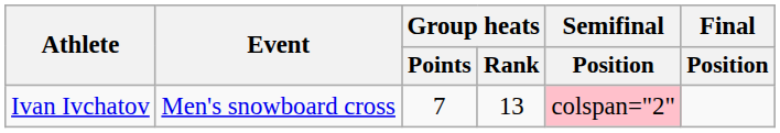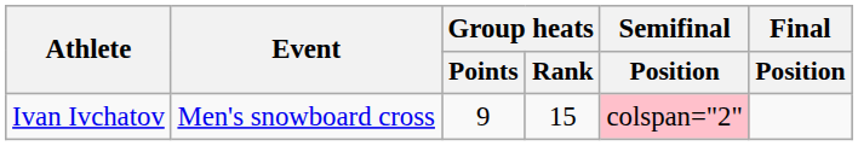 <table class="wikitable" style="font-size:90%">
 <tr>
 <th rowspan="2">Athlete</th>
 <th rowspan="2">Event</th>
 <th colspan="2">Group heats</th>
 <th>Semifinal</th>
 <th>Final</th>
 </tr>
 <tr style="font-size:95%">
 <th>Points</th>
 <th>Rank</th>
 <th>Position</th>
 <th>Position</th>
 </tr>
 <tr align="center">
 <td align="left"><a href='#'>Ivan Ivchatov</a></td>
 <td align="left"><a href='#'>Men's snowboard cross</a></td>
-<td>7</td>
-<td>13</td>
+<td>9</td>
+<td>15</td>
 <td style="background: pink;">colspan="2" </td>
 </tr>
 </table>
